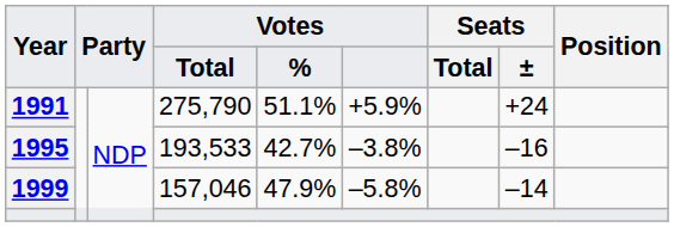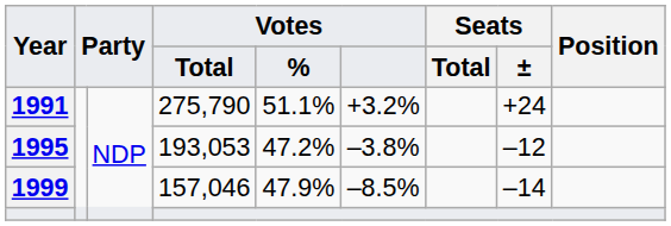 <table class="wikitable" style="font-size:90%; text-align:center;">
 <tr>
 <th rowspan="2" style="background:#eaecf0;">Year</th>
 <th colspan="2" rowspan="2" style="background:#eaecf0;">Party</th>
 <th colspan="3" style="background:#eaecf0;">Votes</th>
 <th colspan="2">Seats</th>
 <th rowspan="2">Position</th>
 </tr>
 <tr>
 <th style="background:#eaecf0;">Total</th>
 <th style="background:#eaecf0;">%</th>
 <th style="background:#eaecf0;"></th>
 <th>Total</th>
 <th>±</th>
 </tr>
 <tr>
 <th><a href='#'>1991</a></th>
 <td rowspan="5" style="background-color:"></td>
 <td rowspan="5"><a href='#'>NDP</a></td>
 <td>275,790</td>
 <td>51.1%</td>
-<td>+5.9%</td>
+<td>+3.2%</td>
 <td></td>
 <td>+24</td>
 <td></td>
 </tr>
 <tr>
 <th><a href='#'>1995</a></th>
-<td>193,533</td>
-<td>42.7%</td>
+<td>193,053</td>
+<td>47.2%</td>
 <td>–3.8%</td>
 <td></td>
-<td>–16</td>
+<td>–12</td>
 <td></td>
 </tr>
 <tr>
 <th><a href='#'>1999</a></th>
 <td>157,046</td>
 <td>47.9%</td>
-<td>–5.8%</td>
+<td>–8.5%</td>
 <td></td>
 <td>–14</td>
 <td></td>
 </tr>
 <tr>
 <th colspan="10" style="background:#eaecf0;"></th>
 </tr>
 </table>
